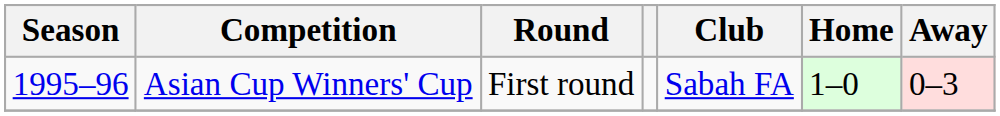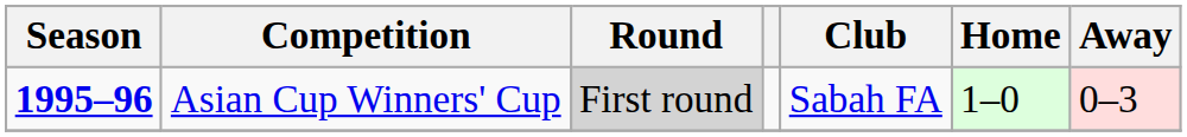 <table class="wikitable">
 <tr>
 <th>Season</th>
 <th>Competition</th>
 <th>Round</th>
 <th></th>
 <th>Club</th>
 <th>Home</th>
 <th>Away</th>
 </tr>
 <tr>
-<td><a href='#'>1995–96</a></td>
+<td><strong><a href='#'>1995–96</a></strong></td>
 <td><a href='#'>Asian Cup Winners' Cup</a></td>
-<td>First round</td>
+<td style="background: lightgrey;">First round</td>
 <td></td>
 <td><a href='#'>Sabah FA</a></td>
 <td style="background:#dfd;">1–0</td>
 <td style="background:#fdd;">0–3</td>
 </tr>
 <tr>
 </tr>
 </table>
